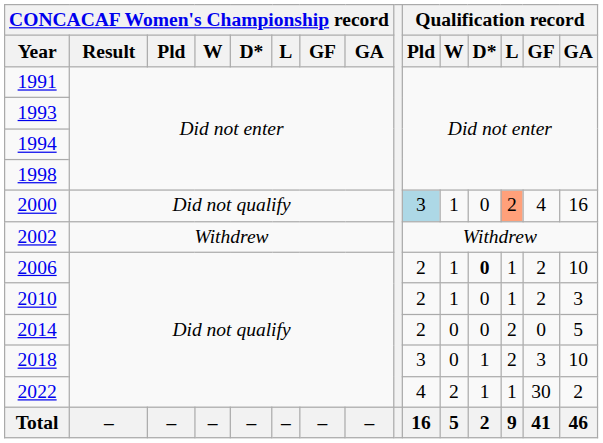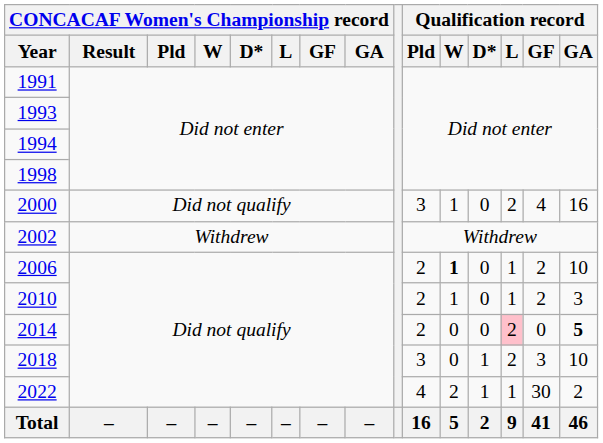 <table class="wikitable" style="text-align: center;">
 <tr>
 <th colspan=8><a href='#'>CONCACAF Women's Championship</a> record</th>
 <th rowspan=13></th>
 <th colspan=6>Qualification record</th>
 </tr>
 <tr>
 <th>Year</th>
 <th>Result</th>
 <th>Pld</th>
 <th>W</th>
 <th>D*</th>
 <th>L</th>
 <th>GF</th>
 <th>GA</th>
 <th>Pld</th>
 <th>W</th>
 <th>D*</th>
 <th>L</th>
 <th>GF</th>
 <th>GA</th>
 </tr>
 <tr>
 <td> <a href='#'>1991</a></td>
 <td colspan=7 rowspan=4><em>Did not enter</em></td>
 <td colspan=6 rowspan=4><em>Did not enter</em></td>
 </tr>
 <tr>
 <td> <a href='#'>1993</a></td>
 </tr>
 <tr>
 <td> <a href='#'>1994</a></td>
 </tr>
 <tr>
 <td> <a href='#'>1998</a></td>
 </tr>
 <tr>
 <td> <a href='#'>2000</a></td>
 <td colspan=7><em>Did not qualify</em></td>
-<td style="background: lightblue;">3</td>
+<td>3</td>
 <td>1</td>
 <td>0</td>
-<td style="background: lightsalmon;">2</td>
+<td>2</td>
 <td>4</td>
 <td>16</td>
 </tr>
 <tr>
 <td> <a href='#'>2002</a></td>
 <td colspan=7><em>Withdrew</em></td>
 <td colspan=6><em>Withdrew</em></td>
 </tr>
 <tr>
 <td> <a href='#'>2006</a></td>
 <td colspan=7 rowspan=5><em>Did not qualify</em></td>
 <td>2</td>
-<td>1</td>
-<td><strong>0</strong></td>
+<td><strong>1</strong></td>
+<td>0</td>
 <td>1</td>
 <td>2</td>
 <td>10</td>
 </tr>
 <tr>
 <td> <a href='#'>2010</a></td>
 <td>2</td>
 <td>1</td>
 <td>0</td>
 <td>1</td>
 <td>2</td>
 <td>3</td>
 </tr>
 <tr>
 <td> <a href='#'>2014</a></td>
 <td>2</td>
 <td>0</td>
 <td>0</td>
-<td>2</td>
+<td style="background: pink;">2</td>
 <td>0</td>
-<td>5</td>
+<td><strong>5</strong></td>
 </tr>
 <tr>
 <td> <a href='#'>2018</a></td>
 <td>3</td>
 <td>0</td>
 <td>1</td>
 <td>2</td>
 <td>3</td>
 <td>10</td>
 </tr>
 <tr>
 <td> <a href='#'>2022</a></td>
 <td>4</td>
 <td>2</td>
 <td>1</td>
 <td>1</td>
 <td>30</td>
 <td>2</td>
 </tr>
 <tr>
 <th>Total</th>
 <th>–</th>
 <th>–</th>
 <th>–</th>
 <th>–</th>
 <th>–</th>
 <th>–</th>
 <th>–</th>
 <th></th>
 <th>16</th>
 <th>5</th>
 <th>2</th>
 <th>9</th>
 <th>41</th>
 <th>46</th>
 </tr>
 </table>
